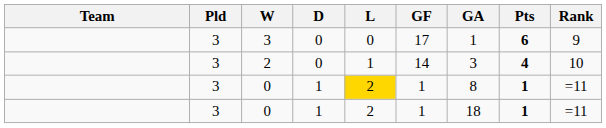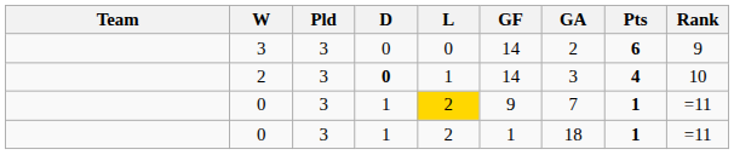 <table class="wikitable" style="text-align:center">
 <tr>
 <th style="width:12em">Team</th>
+<th style="width:3em">W</th>
 <th style="width:3em">Pld</th>
-<th style="width:3em">W</th>
 <th style="width:3em">D</th>
 <th style="width:3em">L</th>
 <th style="width:3em">GF</th>
 <th style="width:3em">GA</th>
 <th style="width:3em">Pts</th>
 <th style="width:3em">Rank</th>
 </tr>
 <tr>
 <td align=left></td>
 <td>3</td>
 <td>3</td>
 <td>0</td>
 <td>0</td>
-<td>17</td>
-<td>1</td>
+<td>14</td>
+<td>2</td>
 <td><strong>6</strong></td>
 <td>9</td>
 </tr>
 <tr>
 <td align=left></td>
+<td>2</td>
 <td>3</td>
-<td>2</td>
-<td>0</td>
+<td><strong>0</strong></td>
 <td>1</td>
 <td>14</td>
 <td>3</td>
 <td><strong>4</strong></td>
 <td>10</td>
 </tr>
 <tr>
 <td align=left></td>
+<td>0</td>
 <td>3</td>
-<td>0</td>
 <td>1</td>
 <td style="background: gold;">2</td>
-<td>1</td>
-<td>8</td>
+<td>9</td>
+<td>7</td>
 <td><strong>1</strong></td>
 <td>=11</td>
 </tr>
 <tr>
 <td align=left></td>
+<td>0</td>
 <td>3</td>
-<td>0</td>
 <td>1</td>
 <td>2</td>
 <td>1</td>
 <td>18</td>
 <td><strong>1</strong></td>
 <td>=11</td>
 </tr>
 </table>
